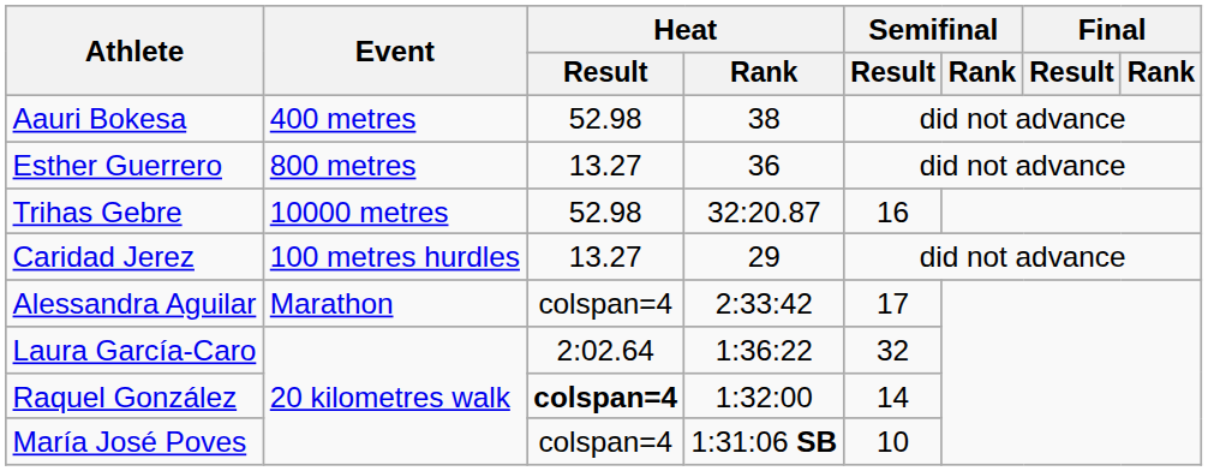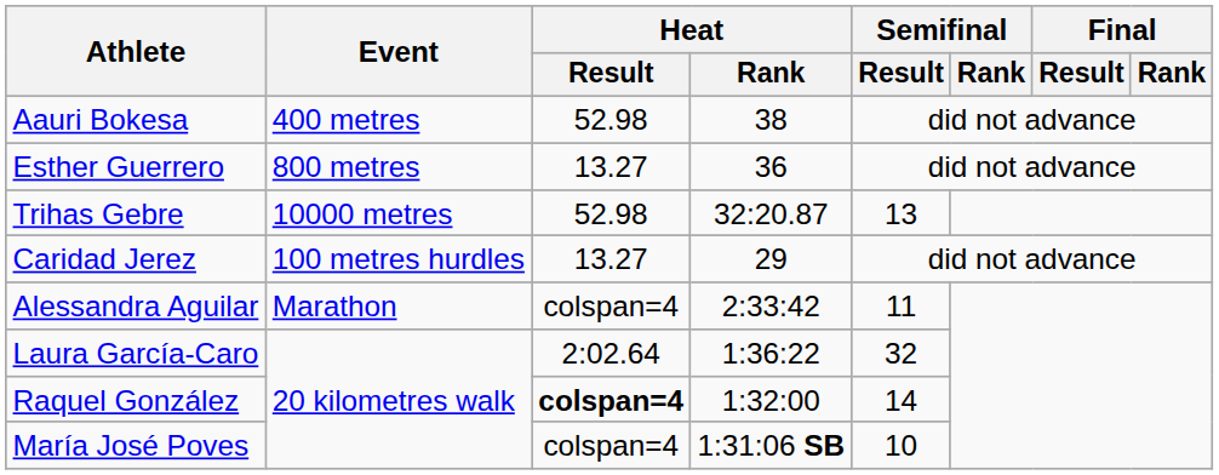 <table class="wikitable" style="font-size:90%">
 <tr>
 <th rowspan="2">Athlete</th>
 <th rowspan="2">Event</th>
 <th colspan="2">Heat</th>
 <th colspan="2">Semifinal</th>
 <th colspan="2">Final</th>
 </tr>
 <tr style="font-size:95%">
 <th>Result</th>
 <th>Rank</th>
 <th>Result</th>
 <th>Rank</th>
 <th>Result</th>
 <th>Rank</th>
 </tr>
 <tr align=center>
 <td align=left><a href='#'>Aauri Bokesa</a></td>
 <td align=left><a href='#'>400 metres</a></td>
 <td>52.98</td>
 <td>38</td>
 <td colspan=4>did not advance</td>
 </tr>
 <tr align=center>
 <td align=left><a href='#'>Esther Guerrero</a></td>
 <td align=left><a href='#'>800 metres</a></td>
 <td>13.27</td>
 <td>36</td>
 <td colspan=4>did not advance</td>
 </tr>
 <tr align=center>
 <td align=left><a href='#'>Trihas Gebre</a></td>
 <td align=left><a href='#'>10000 metres</a></td>
 <td>52.98</td>
 <td>32:20.87</td>
-<td>16</td>
+<td>13</td>
 </tr>
 <tr align=center>
 <td align=left><a href='#'>Caridad Jerez</a></td>
 <td align=left><a href='#'>100 metres hurdles</a></td>
 <td>13.27</td>
 <td>29</td>
 <td colspan=4>did not advance</td>
 </tr>
 <tr align=center>
 <td align=left><a href='#'>Alessandra Aguilar</a></td>
 <td align=left><a href='#'>Marathon</a></td>
 <td>colspan=4 </td>
 <td>2:33:42</td>
-<td>17</td>
+<td>11</td>
 </tr>
 <tr align=center>
 <td align=left><a href='#'>Laura García-Caro</a></td>
 <td align=left rowspan=3><a href='#'>20 kilometres walk</a></td>
 <td>2:02.64</td>
 <td>1:36:22</td>
 <td>32</td>
 </tr>
 <tr align=center>
 <td align=left><a href='#'>Raquel González</a></td>
 <td><strong>colspan=4 </strong></td>
 <td>1:32:00</td>
 <td>14</td>
 </tr>
 <tr align=center>
 <td align=left><a href='#'>María José Poves</a></td>
 <td>colspan=4 </td>
 <td>1:31:06 <strong>SB</strong></td>
 <td>10</td>
 </tr>
 </table>
